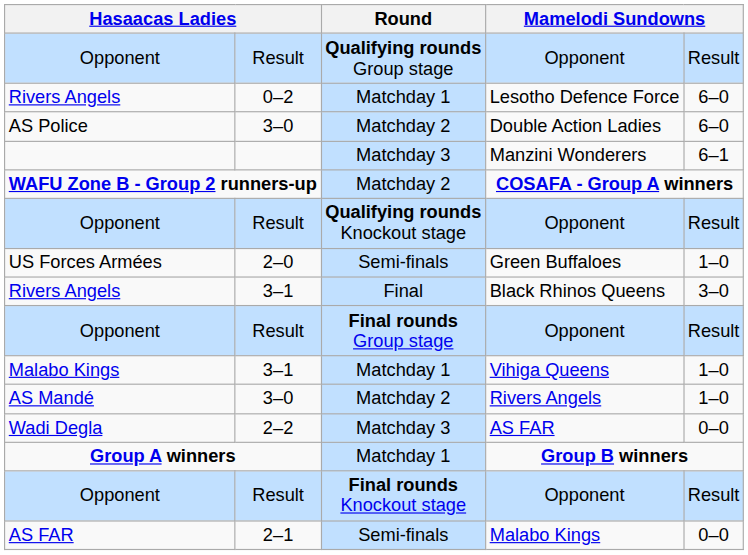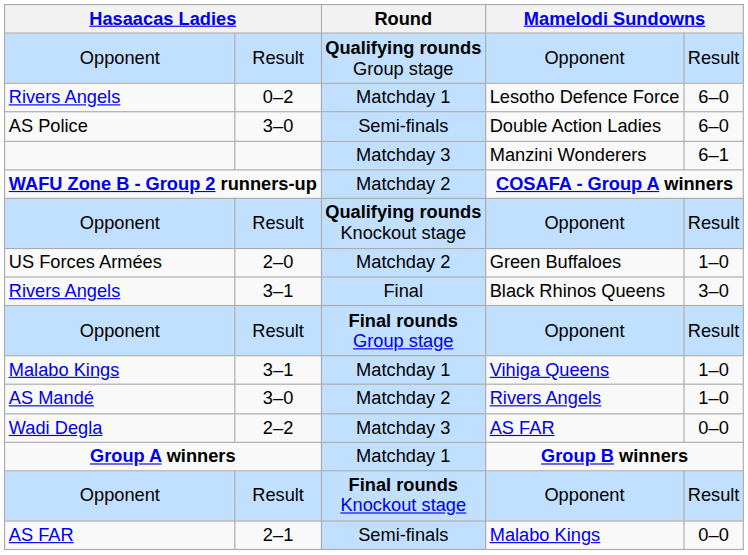 <table class="wikitable" style="text-align:center">
 <tr>
 <th colspan="4"> <a href='#'>Hasaacas Ladies</a></th>
 <th>Round</th>
 <th colspan="4"> <a href='#'>Mamelodi Sundowns</a></th>
 </tr>
 <tr style="background:#C1E0FF">
 <td>Opponent</td>
 <td colspan="3">Result</td>
 <td><strong>Qualifying rounds</strong><br>Group stage</td>
 <td>Opponent</td>
 <td colspan="3">Result</td>
 </tr>
 <tr>
 <td style="text-align:left"> <a href='#'>Rivers Angels</a></td>
 <td colspan="3">0–2</td>
 <td style="background:#C1E0FF">Matchday 1</td>
 <td style="text-align:left"> Lesotho Defence Force</td>
 <td colspan="3">6–0</td>
 </tr>
 <tr>
 <td style="text-align:left"> AS Police</td>
 <td colspan="3">3–0</td>
-<td style="background:#C1E0FF">Matchday 2</td>
+<td style="background:#C1E0FF">Semi-finals</td>
 <td style="text-align:left"> Double Action Ladies</td>
 <td colspan="3">6–0</td>
 </tr>
 <tr>
 <td style="text-align:left"></td>
 <td colspan="3"></td>
 <td style="background:#C1E0FF">Matchday 3</td>
 <td style="text-align:left"> Manzini Wonderers</td>
 <td colspan="3">6–1</td>
 </tr>
 <tr>
 <td colspan="4" style="vertical-align:top"><strong><a href='#'>WAFU Zone B - Group 2</a> runners-up</strong><br><div>  </div></td>
 <td style="background:#C1E0FF">Matchday 2</td>
 <td colspan="4" style="vertical-align:top"><strong><a href='#'>COSAFA - Group A</a> winners</strong><br><div>  </div></td>
 </tr>
 <tr style="background:#C1E0FF">
 <td>Opponent</td>
 <td colspan="3">Result</td>
 <td><strong>Qualifying rounds</strong><br>Knockout stage</td>
 <td>Opponent</td>
 <td colspan="3">Result</td>
 </tr>
 <tr>
 <td style="text-align:left"> US Forces Armées</td>
 <td colspan="3">2–0</td>
-<td style="background:#C1E0FF">Semi-finals</td>
+<td style="background:#C1E0FF">Matchday 2</td>
 <td style="text-align:left"> Green Buffaloes</td>
 <td colspan="3">1–0</td>
 </tr>
 <tr>
 <td style="text-align:left"> <a href='#'>Rivers Angels</a></td>
 <td colspan="3">3–1</td>
 <td style="background:#C1E0FF">Final</td>
 <td style="text-align:left"> Black Rhinos Queens</td>
 <td colspan="3">3–0</td>
 </tr>
 <tr style="background:#C1E0FF">
 <td>Opponent</td>
 <td colspan="3">Result</td>
 <td><strong>Final rounds</strong><br><a href='#'>Group stage</a></td>
 <td>Opponent</td>
 <td colspan="3">Result</td>
 </tr>
 <tr>
 <td style="text-align:left"> <a href='#'>Malabo Kings</a></td>
 <td colspan="3">3–1</td>
 <td style="background:#C1E0FF">Matchday 1</td>
 <td style="text-align:left"> <a href='#'>Vihiga Queens</a></td>
 <td colspan="3">1–0</td>
 </tr>
 <tr>
 <td style="text-align:left"> <a href='#'>AS Mandé</a></td>
 <td colspan="3">3–0</td>
 <td style="background:#C1E0FF">Matchday 2</td>
 <td style="text-align:left"> <a href='#'>Rivers Angels</a></td>
 <td colspan="3">1–0</td>
 </tr>
 <tr>
 <td style="text-align:left"> <a href='#'>Wadi Degla</a></td>
 <td colspan="3">2–2</td>
 <td style="background:#C1E0FF">Matchday 3</td>
 <td style="text-align:left"> <a href='#'>AS FAR</a></td>
 <td colspan="3">0–0</td>
 </tr>
 <tr>
 <td colspan="4" style="vertical-align:top"><strong><a href='#'>Group A</a> winners</strong><br><div></div></td>
 <td style="background:#C1E0FF">Matchday 1</td>
 <td colspan="4" style="vertical-align:top"><strong><a href='#'>Group B</a> winners</strong><br><div></div></td>
 </tr>
 <tr style="background:#C1E0FF">
 <td>Opponent</td>
 <td colspan="3">Result</td>
 <td><strong>Final rounds</strong><br><a href='#'>Knockout stage</a></td>
 <td>Opponent</td>
 <td colspan="3">Result</td>
 </tr>
 <tr>
 <td style="text-align:left"> <a href='#'>AS FAR</a></td>
 <td colspan="3">2–1</td>
 <td style="background:#C1E0FF">Semi-finals</td>
 <td style="text-align:left"> <a href='#'>Malabo Kings</a></td>
 <td colspan="3">0–0 </td>
 </tr>
 </table>
